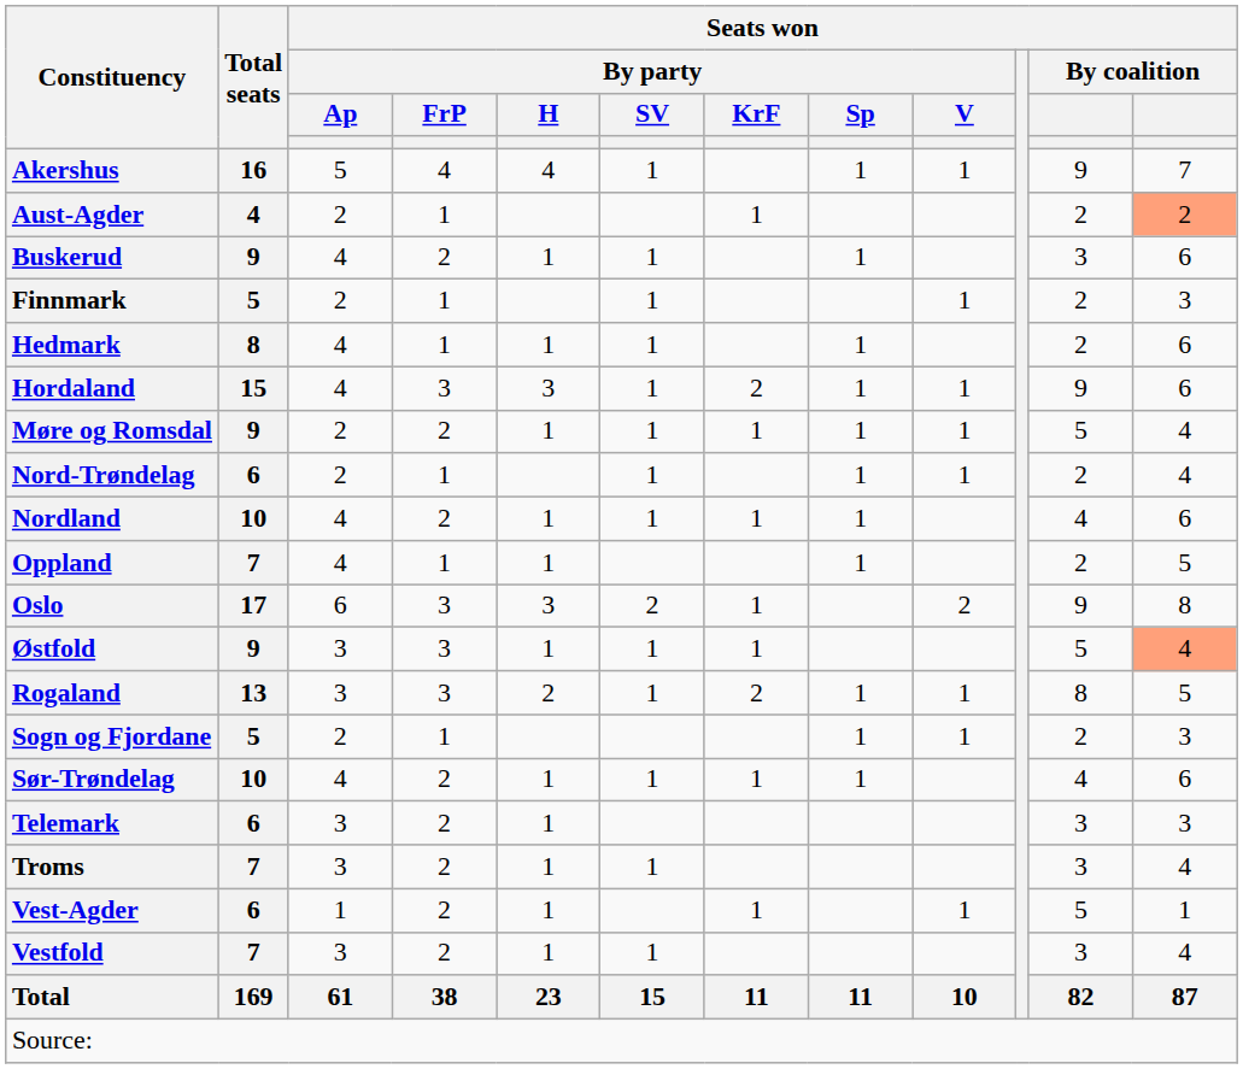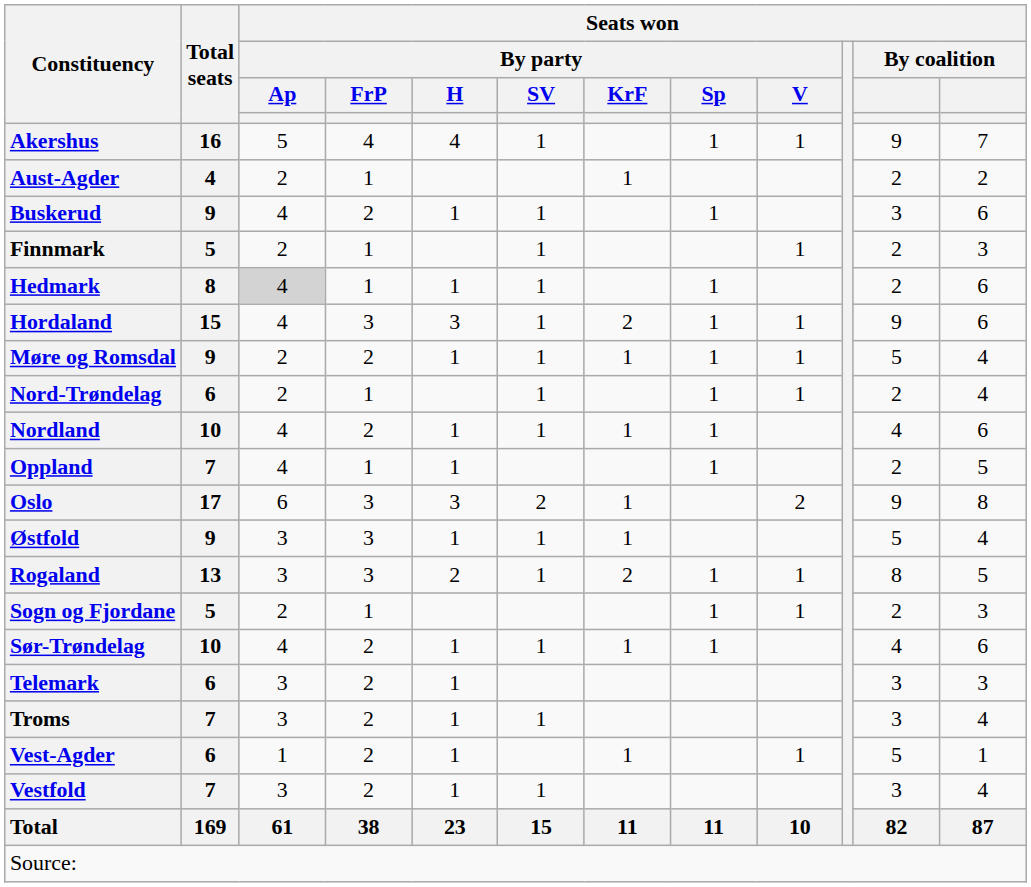 <table class="wikitable" style="text-align:center; font-size: 0.9em;">
 <tr>
 <th rowspan="4">Constituency</th>
 <th rowspan="4">Total<br>seats</th>
 <th colspan="10">Seats won</th>
 </tr>
 <tr>
 <th colspan="7">By party</th>
 <th rowspan="23"></th>
 <th colspan="2">By coalition</th>
 </tr>
 <tr>
 <th class="unsortable" style="width:50px;"><a href='#'>Ap</a></th>
 <th class="unsortable" style="width:50px;"><a href='#'>FrP</a></th>
 <th class="unsortable" style="width:50px;"><a href='#'>H</a></th>
 <th class="unsortable" style="width:50px;"><a href='#'>SV</a></th>
 <th class="unsortable" style="width:50px;"><a href='#'>KrF</a></th>
 <th class="unsortable" style="width:50px;"><a href='#'>Sp</a></th>
 <th class="unsortable" style="width:50px;"><a href='#'>V</a></th>
 <th class="unsortable" style="width:50px;"></th>
 <th class="unsortable" style="width:50px;"></th>
 </tr>
 <tr>
 <th style="background:"></th>
 <th style="background:"></th>
 <th style="background:"></th>
 <th style="background:"></th>
 <th style="background:"></th>
 <th style="background:"></th>
 <th style="background:"></th>
 <th style="background:"></th>
 <th style="background:"></th>
 </tr>
 <tr>
 <th style="text-align: left;"><a href='#'>Akershus</a></th>
 <th>16</th>
 <td>5</td>
 <td>4</td>
 <td>4</td>
 <td>1</td>
 <td></td>
 <td>1</td>
 <td>1</td>
 <td>9</td>
 <td>7</td>
 </tr>
 <tr>
 <th style="text-align: left;"><a href='#'>Aust-Agder</a></th>
 <th>4</th>
 <td>2</td>
 <td>1</td>
 <td></td>
 <td></td>
 <td>1</td>
 <td></td>
 <td></td>
 <td>2</td>
-<td style="background: lightsalmon;">2</td>
+<td>2</td>
 </tr>
 <tr>
 <th style="text-align: left;"><a href='#'>Buskerud</a></th>
 <th>9</th>
 <td>4</td>
 <td>2</td>
 <td>1</td>
 <td>1</td>
 <td></td>
 <td>1</td>
 <td></td>
 <td>3</td>
 <td>6</td>
 </tr>
 <tr>
 <th style="text-align: left;">Finnmark</th>
 <th>5</th>
 <td>2</td>
 <td>1</td>
 <td></td>
 <td>1</td>
 <td></td>
 <td></td>
 <td>1</td>
 <td>2</td>
 <td>3</td>
 </tr>
 <tr>
 <th style="text-align: left;"><a href='#'>Hedmark</a></th>
 <th>8</th>
-<td>4</td>
+<td style="background: lightgrey;">4</td>
 <td>1</td>
 <td>1</td>
 <td>1</td>
 <td></td>
 <td>1</td>
 <td></td>
 <td>2</td>
 <td>6</td>
 </tr>
 <tr>
 <th style="text-align: left;"><a href='#'>Hordaland</a></th>
 <th>15</th>
 <td>4</td>
 <td>3</td>
 <td>3</td>
 <td>1</td>
 <td>2</td>
 <td>1</td>
 <td>1</td>
 <td>9</td>
 <td>6</td>
 </tr>
 <tr>
 <th style="text-align: left;"><a href='#'>Møre og Romsdal</a></th>
 <th>9</th>
 <td>2</td>
 <td>2</td>
 <td>1</td>
 <td>1</td>
 <td>1</td>
 <td>1</td>
 <td>1</td>
 <td>5</td>
 <td>4</td>
 </tr>
 <tr>
 <th style="text-align: left;"><a href='#'>Nord-Trøndelag</a></th>
 <th>6</th>
 <td>2</td>
 <td>1</td>
 <td></td>
 <td>1</td>
 <td></td>
 <td>1</td>
 <td>1</td>
 <td>2</td>
 <td>4</td>
 </tr>
 <tr>
 <th style="text-align: left;"><a href='#'>Nordland</a></th>
 <th>10</th>
 <td>4</td>
 <td>2</td>
 <td>1</td>
 <td>1</td>
 <td>1</td>
 <td>1</td>
 <td></td>
 <td>4</td>
 <td>6</td>
 </tr>
 <tr>
 <th style="text-align: left;"><a href='#'>Oppland</a></th>
 <th>7</th>
 <td>4</td>
 <td>1</td>
 <td>1</td>
 <td></td>
 <td></td>
 <td>1</td>
 <td></td>
 <td>2</td>
 <td>5</td>
 </tr>
 <tr>
 <th style="text-align: left;"><a href='#'>Oslo</a></th>
 <th>17</th>
 <td>6</td>
 <td>3</td>
 <td>3</td>
 <td>2</td>
 <td>1</td>
 <td></td>
 <td>2</td>
 <td>9</td>
 <td>8</td>
 </tr>
 <tr>
 <th style="text-align: left;"><a href='#'>Østfold</a></th>
 <th>9</th>
 <td>3</td>
 <td>3</td>
 <td>1</td>
 <td>1</td>
 <td>1</td>
 <td></td>
 <td></td>
 <td>5</td>
-<td style="background: lightsalmon;">4</td>
+<td>4</td>
 </tr>
 <tr>
 <th style="text-align: left;"><a href='#'>Rogaland</a></th>
 <th>13</th>
 <td>3</td>
 <td>3</td>
 <td>2</td>
 <td>1</td>
 <td>2</td>
 <td>1</td>
 <td>1</td>
 <td>8</td>
 <td>5</td>
 </tr>
 <tr>
 <th style="text-align: left;"><a href='#'>Sogn og Fjordane</a></th>
 <th>5</th>
 <td>2</td>
 <td>1</td>
 <td></td>
 <td></td>
 <td></td>
 <td>1</td>
 <td>1</td>
 <td>2</td>
 <td>3</td>
 </tr>
 <tr>
 <th style="text-align: left;"><a href='#'>Sør-Trøndelag</a></th>
 <th>10</th>
 <td>4</td>
 <td>2</td>
 <td>1</td>
 <td>1</td>
 <td>1</td>
 <td>1</td>
 <td></td>
 <td>4</td>
 <td>6</td>
 </tr>
 <tr>
 <th style="text-align: left;"><a href='#'>Telemark</a></th>
 <th>6</th>
 <td>3</td>
 <td>2</td>
 <td>1</td>
 <td></td>
 <td></td>
 <td></td>
 <td></td>
 <td>3</td>
 <td>3</td>
 </tr>
 <tr>
 <th style="text-align: left;">Troms</th>
 <th>7</th>
 <td>3</td>
 <td>2</td>
 <td>1</td>
 <td>1</td>
 <td></td>
 <td></td>
 <td></td>
 <td>3</td>
 <td>4</td>
 </tr>
 <tr>
 <th style="text-align: left;"><a href='#'>Vest-Agder</a></th>
 <th>6</th>
 <td>1</td>
 <td>2</td>
 <td>1</td>
 <td></td>
 <td>1</td>
 <td></td>
 <td>1</td>
 <td>5</td>
 <td>1</td>
 </tr>
 <tr>
 <th style="text-align: left;"><a href='#'>Vestfold</a></th>
 <th>7</th>
 <td>3</td>
 <td>2</td>
 <td>1</td>
 <td>1</td>
 <td></td>
 <td></td>
 <td></td>
 <td>3</td>
 <td>4</td>
 </tr>
 <tr>
 <th style="text-align: left;">Total</th>
 <th>169</th>
 <th>61</th>
 <th>38</th>
 <th>23</th>
 <th>15</th>
 <th>11</th>
 <th>11</th>
 <th>10</th>
 <th>82</th>
 <th>87</th>
 </tr>
 <tr>
 <td align=left colspan="12">Source: </td>
 </tr>
 </table>
